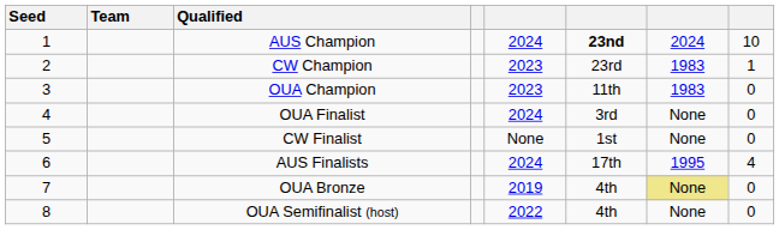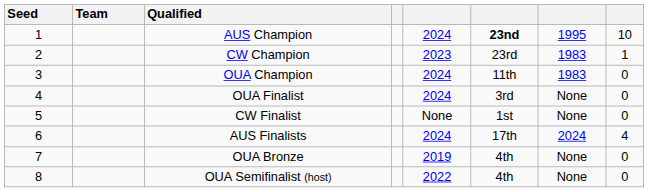 <table class="wikitable sortable" width=800>
 <tr>
 <th style="text-align:left">Seed</th>
 <th style="text-align:left">Team</th>
 <th style="text-align:left">Qualified</th>
 <th style="text-align:left"></th>
 <th style="text-align:left"></th>
 <th style="text-align:left"></th>
 <th style="text-align:left"></th>
 <th style="text-align:left"></th>
 </tr>
 <tr style="text-align:center">
 <td>1</td>
 <td><a href='#'></a></td>
 <td><a href='#'>AUS</a> Champion</td>
 <td></td>
 <td><a href='#'>2024</a></td>
 <td><strong>23nd</strong></td>
-<td><a href='#'>2024</a></td>
+<td><a href='#'>1995</a></td>
 <td>10</td>
 </tr>
 <tr style="text-align:center">
 <td>2</td>
 <td><a href='#'></a></td>
 <td><a href='#'>CW</a> Champion</td>
 <td></td>
 <td><a href='#'>2023</a></td>
 <td>23rd</td>
 <td><a href='#'>1983</a></td>
 <td>1</td>
 </tr>
 <tr style="text-align:center">
 <td>3</td>
 <td><a href='#'></a></td>
 <td><a href='#'>OUA</a> Champion</td>
 <td></td>
-<td><a href='#'>2023</a></td>
+<td><a href='#'>2024</a></td>
 <td>11th</td>
 <td><a href='#'>1983</a></td>
 <td>0</td>
 </tr>
 <tr style="text-align:center">
 <td>4</td>
 <td><a href='#'></a></td>
 <td>OUA Finalist</td>
 <td></td>
 <td><a href='#'>2024</a></td>
 <td>3rd</td>
 <td>None</td>
 <td>0</td>
 </tr>
 <tr style="text-align:center">
 <td>5</td>
 <td><a href='#'></a></td>
 <td>CW Finalist</td>
 <td></td>
 <td>None</td>
 <td>1st</td>
 <td>None</td>
 <td>0</td>
 </tr>
 <tr style="text-align:center">
 <td>6</td>
 <td><a href='#'></a></td>
 <td>AUS Finalists</td>
 <td></td>
 <td><a href='#'>2024</a></td>
 <td>17th</td>
-<td><a href='#'>1995</a></td>
+<td><a href='#'>2024</a></td>
 <td>4</td>
 </tr>
 <tr style="text-align:center">
 <td>7</td>
 <td><a href='#'></a></td>
 <td>OUA Bronze</td>
 <td></td>
 <td><a href='#'>2019</a></td>
 <td>4th</td>
-<td style="background: khaki;">None</td>
+<td>None</td>
 <td>0</td>
 </tr>
 <tr style="text-align:center">
 <td>8</td>
 <td><a href='#'></a></td>
 <td>OUA Semifinalist <small>(host)</small></td>
 <td></td>
 <td><a href='#'>2022</a></td>
 <td>4th</td>
 <td>None</td>
 <td>0</td>
 </tr>
 </table>
